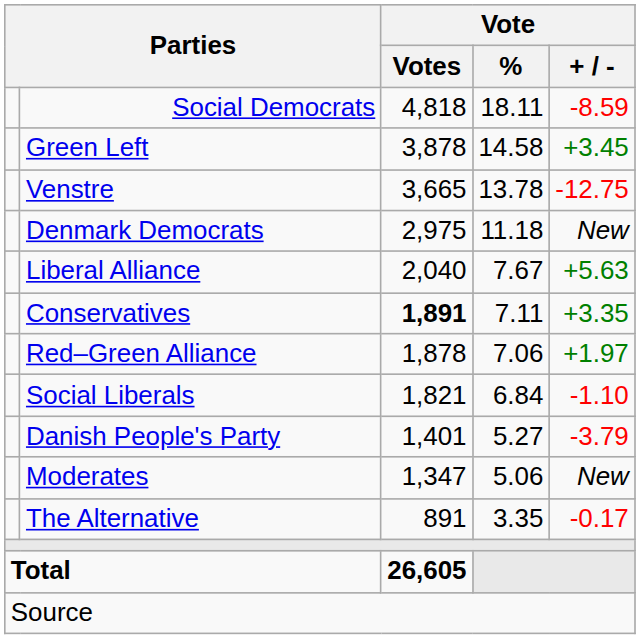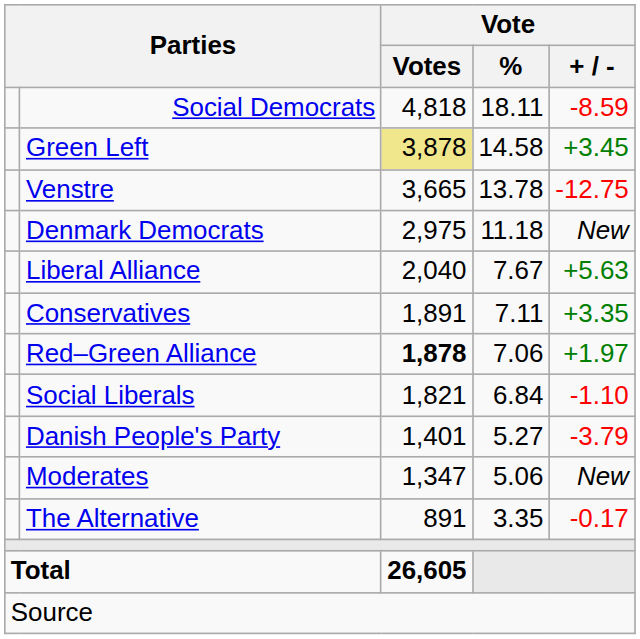 <table class="wikitable" style="text-align:right;">
 <tr>
 <th style="text-align:centre;" rowspan="2" colspan="2" width="225">Parties</th>
 <th colspan="3">Vote</th>
 </tr>
 <tr>
 <th width="15">Votes</th>
 <th width="15">%</th>
 <th width="15">+ / -</th>
 </tr>
 <tr>
 <td width=2 bgcolor=></td>
 <td><a href='#'>Social Democrats</a></td>
 <td>4,818</td>
 <td>18.11</td>
 <td style=color:red;>-8.59</td>
 </tr>
 <tr>
 <td width=2 bgcolor=></td>
 <td align=left><a href='#'>Green Left</a></td>
-<td>3,878</td>
+<td style="background: khaki;">3,878</td>
 <td>14.58</td>
 <td style=color:green;>+3.45</td>
 </tr>
 <tr>
 <td width=2 bgcolor=></td>
 <td align=left><a href='#'>Venstre</a></td>
 <td>3,665</td>
 <td>13.78</td>
 <td style=color:red;>-12.75</td>
 </tr>
 <tr>
 <td width=2 bgcolor=></td>
 <td align=left><a href='#'>Denmark Democrats</a></td>
 <td>2,975</td>
 <td>11.18</td>
 <td><em>New</em></td>
 </tr>
 <tr>
 <td width=2 bgcolor=></td>
 <td align=left><a href='#'>Liberal Alliance</a></td>
 <td>2,040</td>
 <td>7.67</td>
 <td style=color:green;>+5.63</td>
 </tr>
 <tr>
 <td width=2 bgcolor=></td>
 <td align=left><a href='#'>Conservatives</a></td>
-<td><strong>1,891</strong></td>
+<td>1,891</td>
 <td>7.11</td>
 <td style=color:green;>+3.35</td>
 </tr>
 <tr>
 <td width=2 bgcolor=></td>
 <td align=left><a href='#'>Red–Green Alliance</a></td>
-<td>1,878</td>
+<td><strong>1,878</strong></td>
 <td>7.06</td>
 <td style=color:green;>+1.97</td>
 </tr>
 <tr>
 <td width=2 bgcolor=></td>
 <td align=left><a href='#'>Social Liberals</a></td>
 <td>1,821</td>
 <td>6.84</td>
 <td style=color:red;>-1.10</td>
 </tr>
 <tr>
 <td width=2 bgcolor=></td>
 <td align=left><a href='#'>Danish People's Party</a></td>
 <td>1,401</td>
 <td>5.27</td>
 <td style=color:red;>-3.79</td>
 </tr>
 <tr>
 <td width=2 bgcolor=></td>
 <td align=left><a href='#'>Moderates</a></td>
 <td>1,347</td>
 <td>5.06</td>
 <td><em>New</em></td>
 </tr>
 <tr>
 <td width=2 bgcolor=></td>
 <td align=left><a href='#'>The Alternative</a></td>
 <td>891</td>
 <td>3.35</td>
 <td style=color:red;>-0.17</td>
 </tr>
 <tr>
 <td colspan="7" bgcolor="#E9E9E9"></td>
 </tr>
 <tr>
 <td align="left" colspan="2"><strong>Total</strong></td>
 <td><strong>26,605</strong></td>
 <td bgcolor=#E9E9E9 colspan=2></td>
 </tr>
 <tr>
 <td align="left" colspan="6">Source</td>
 </tr>
 </table>
